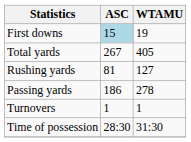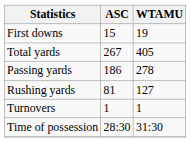 <table class="wikitable" style="float: left;">
 <tr>
 <th>Statistics</th>
 <th>ASC</th>
 <th>WTAMU</th>
 </tr>
 <tr>
 <td>First downs</td>
-<td style="background: lightblue;">15</td>
+<td>15</td>
 <td>19</td>
 </tr>
 <tr>
 <td>Total yards</td>
 <td>267</td>
 <td>405</td>
 </tr>
 <tr>
+<td>Passing yards</td>
+<td>186</td>
+<td>278</td>
+</tr>
+<tr>
 <td>Rushing yards</td>
 <td>81</td>
 <td>127</td>
-</tr>
-<tr>
-<td>Passing yards</td>
-<td>186</td>
-<td>278</td>
 </tr>
 <tr>
 <td>Turnovers</td>
 <td>1</td>
 <td>1</td>
 </tr>
 <tr>
 <td>Time of possession</td>
 <td>28:30</td>
 <td>31:30</td>
 </tr>
 <tr>
 </tr>
 </table>
